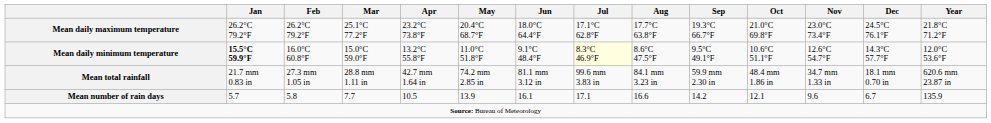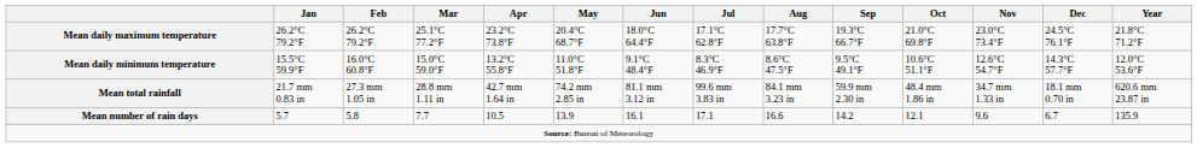 <table class="wikitable" style="width: 75%; margin: 0 auto 0 auto; font-size:80%;">
 <tr>
 <th></th>
 <th>Jan</th>
 <th>Feb</th>
 <th>Mar</th>
 <th>Apr</th>
 <th>May</th>
 <th>Jun</th>
 <th>Jul</th>
 <th>Aug</th>
 <th>Sep</th>
 <th>Oct</th>
 <th>Nov</th>
 <th>Dec</th>
 <th>Year</th>
 </tr>
 <tr>
 <th>Mean daily maximum temperature</th>
 <td>26.2°C<br>79.2°F</td>
 <td>26.2°C<br>79.2°F</td>
 <td>25.1°C<br>77.2°F</td>
 <td>23.2°C<br>73.8°F</td>
 <td>20.4°C<br>68.7°F</td>
 <td>18.0°C<br>64.4°F</td>
 <td>17.1°C<br>62.8°F</td>
 <td>17.7°C<br>63.8°F</td>
 <td>19.3°C<br>66.7°F</td>
 <td>21.0°C<br>69.8°F</td>
 <td>23.0°C<br>73.4°F</td>
 <td>24.5°C<br>76.1°F</td>
 <td>21.8°C<br>71.2°F</td>
 </tr>
 <tr>
 <th>Mean daily minimum temperature</th>
-<td><strong>15.5°C<br>59.9°F</strong></td>
+<td>15.5°C<br>59.9°F</td>
 <td>16.0°C<br>60.8°F</td>
 <td>15.0°C<br>59.0°F</td>
 <td>13.2°C<br>55.8°F</td>
 <td>11.0°C<br>51.8°F</td>
 <td>9.1°C<br>48.4°F</td>
-<td style="background: lightyellow;">8.3°C<br>46.9°F</td>
+<td>8.3°C<br>46.9°F</td>
 <td>8.6°C<br>47.5°F</td>
 <td>9.5°C<br>49.1°F</td>
 <td>10.6°C<br>51.1°F</td>
 <td>12.6°C<br>54.7°F</td>
 <td>14.3°C<br>57.7°F</td>
 <td>12.0°C<br>53.6°F</td>
 </tr>
 <tr>
 <th>Mean total rainfall</th>
 <td>21.7 mm<br>0.83 in</td>
 <td>27.3 mm<br>1.05 in</td>
 <td>28.8 mm<br>1.11 in</td>
 <td>42.7 mm<br>1.64 in</td>
 <td>74.2 mm<br>2.85 in</td>
 <td>81.1 mm<br>3.12 in</td>
 <td>99.6 mm<br>3.83 in</td>
 <td>84.1 mm<br>3.23 in</td>
 <td>59.9 mm<br>2.30 in</td>
 <td>48.4 mm<br>1.86 in</td>
 <td>34.7 mm<br>1.33 in</td>
 <td>18.1 mm<br>0.70 in</td>
 <td>620.6 mm<br>23.87 in</td>
 </tr>
 <tr>
 <th>Mean number of rain days</th>
 <td>5.7</td>
 <td>5.8</td>
 <td>7.7</td>
 <td>10.5</td>
 <td>13.9</td>
 <td>16.1</td>
 <td>17.1</td>
 <td>16.6</td>
 <td>14.2</td>
 <td>12.1</td>
 <td>9.6</td>
 <td>6.7</td>
 <td>135.9</td>
 </tr>
 <tr>
 <td colspan="15" style="text-align: center;"><small><strong>Source:</strong> Bureau of Meteorology</small></td>
 </tr>
 </table>
